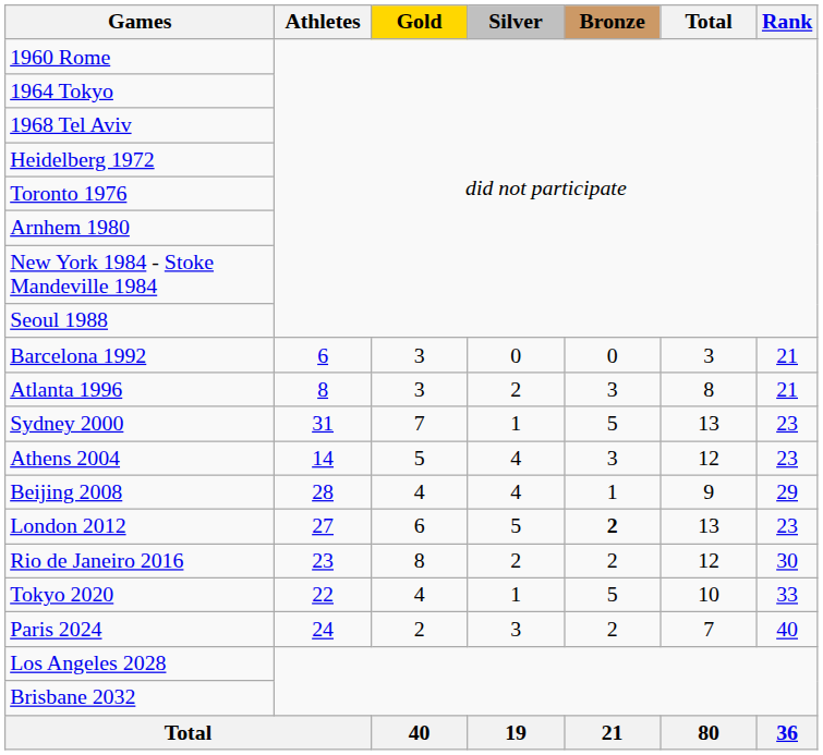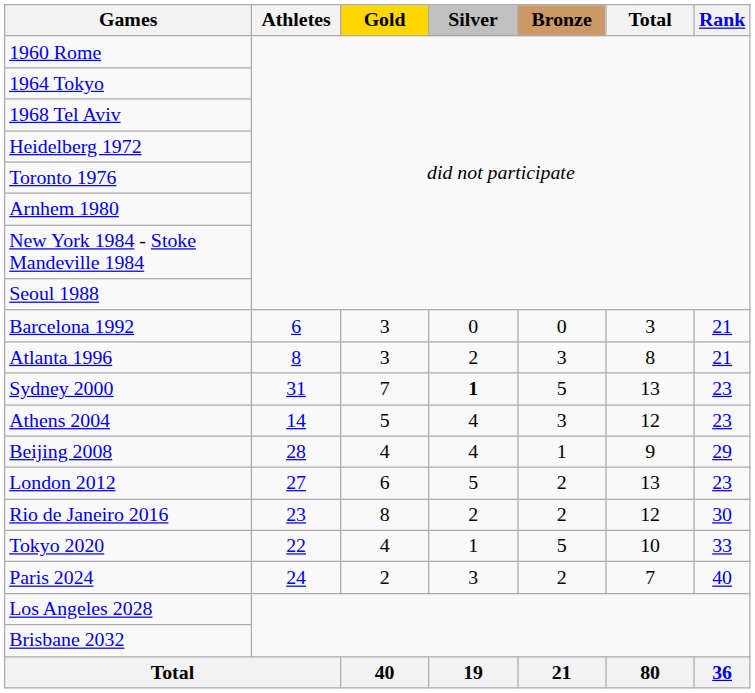 <table class="wikitable" style="text-align:center; font-size:100%;">
 <tr>
 <th style="width:12em;">Games</th>
 <th style="width:4em;">Athletes</th>
 <th style="width:4em; background:gold;">Gold</th>
 <th style="width:4em; background:silver;">Silver</th>
 <th style="width:4em; background:#cc9966;">Bronze</th>
 <th style="width:4em;">Total</th>
 <th style="width:2em;"><a href='#'>Rank</a></th>
 </tr>
 <tr>
 <td align=left> <a href='#'>1960 Rome</a></td>
 <td colspan=6 rowspan=8><em>did not participate</em></td>
 </tr>
 <tr>
 <td align=left> <a href='#'>1964 Tokyo</a></td>
 </tr>
 <tr>
 <td align=left> <a href='#'>1968 Tel Aviv</a></td>
 </tr>
 <tr>
 <td align=left> <a href='#'>Heidelberg 1972</a></td>
 </tr>
 <tr>
 <td align=left> <a href='#'>Toronto 1976</a></td>
 </tr>
 <tr>
 <td align=left> <a href='#'>Arnhem 1980</a></td>
 </tr>
 <tr>
 <td align=left> <a href='#'>New York 1984</a> -  <a href='#'>Stoke Mandeville 1984</a></td>
 </tr>
 <tr>
 <td align=left> <a href='#'>Seoul 1988</a></td>
 </tr>
 <tr>
 <td align=left> <a href='#'>Barcelona 1992</a></td>
 <td><a href='#'>6</a></td>
 <td>3</td>
 <td>0</td>
 <td>0</td>
 <td>3</td>
 <td><a href='#'>21</a></td>
 </tr>
 <tr>
 <td align=left> <a href='#'>Atlanta 1996</a></td>
 <td><a href='#'>8</a></td>
 <td>3</td>
 <td>2</td>
 <td>3</td>
 <td>8</td>
 <td><a href='#'>21</a></td>
 </tr>
 <tr>
 <td align=left> <a href='#'>Sydney 2000</a></td>
 <td><a href='#'>31</a></td>
 <td>7</td>
-<td>1</td>
+<td><strong>1</strong></td>
 <td>5</td>
 <td>13</td>
 <td><a href='#'>23</a></td>
 </tr>
 <tr>
 <td align=left> <a href='#'>Athens 2004</a></td>
 <td><a href='#'>14</a></td>
 <td>5</td>
 <td>4</td>
 <td>3</td>
 <td>12</td>
 <td><a href='#'>23</a></td>
 </tr>
 <tr>
 <td align=left> <a href='#'>Beijing 2008</a></td>
 <td><a href='#'>28</a></td>
 <td>4</td>
 <td>4</td>
 <td>1</td>
 <td>9</td>
 <td><a href='#'>29</a></td>
 </tr>
 <tr>
 <td align=left> <a href='#'>London 2012</a></td>
 <td><a href='#'>27</a></td>
 <td>6</td>
 <td>5</td>
-<td><strong>2</strong></td>
+<td>2</td>
 <td>13</td>
 <td><a href='#'>23</a></td>
 </tr>
 <tr>
 <td align=left> <a href='#'>Rio de Janeiro 2016</a></td>
 <td><a href='#'>23</a></td>
 <td>8</td>
 <td>2</td>
 <td>2</td>
 <td>12</td>
 <td><a href='#'>30</a></td>
 </tr>
 <tr>
 <td align=left> <a href='#'>Tokyo 2020</a></td>
 <td><a href='#'>22</a></td>
 <td>4</td>
 <td>1</td>
 <td>5</td>
 <td>10</td>
 <td><a href='#'>33</a></td>
 </tr>
 <tr>
 <td align=left> <a href='#'>Paris 2024</a></td>
 <td><a href='#'>24</a></td>
 <td>2</td>
 <td>3</td>
 <td>2</td>
 <td>7</td>
 <td><a href='#'>40</a></td>
 </tr>
 <tr>
 <td align=left> <a href='#'>Los Angeles 2028</a></td>
 </tr>
 <tr>
 <td align=left> <a href='#'>Brisbane 2032</a></td>
 </tr>
 <tr>
 <th colspan=2>Total</th>
 <th>40</th>
 <th>19</th>
 <th>21</th>
 <th>80</th>
 <th><a href='#'>36</a></th>
 </tr>
 </table>
